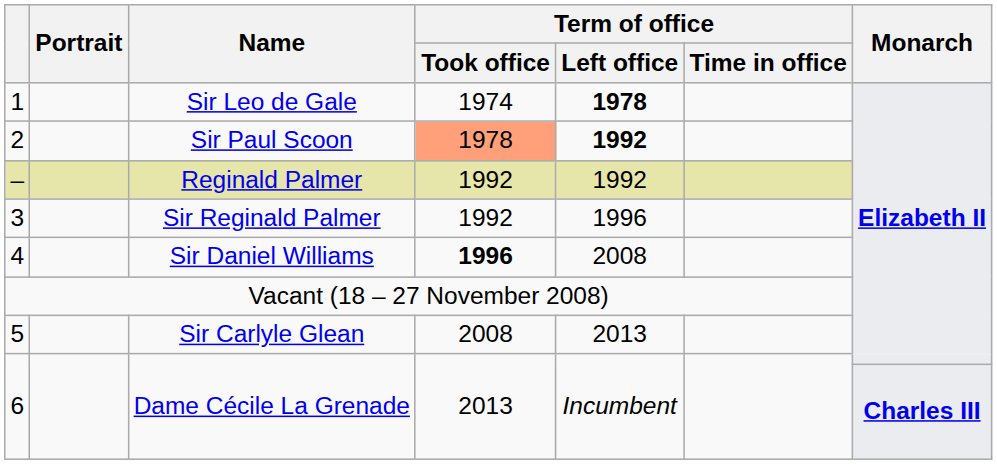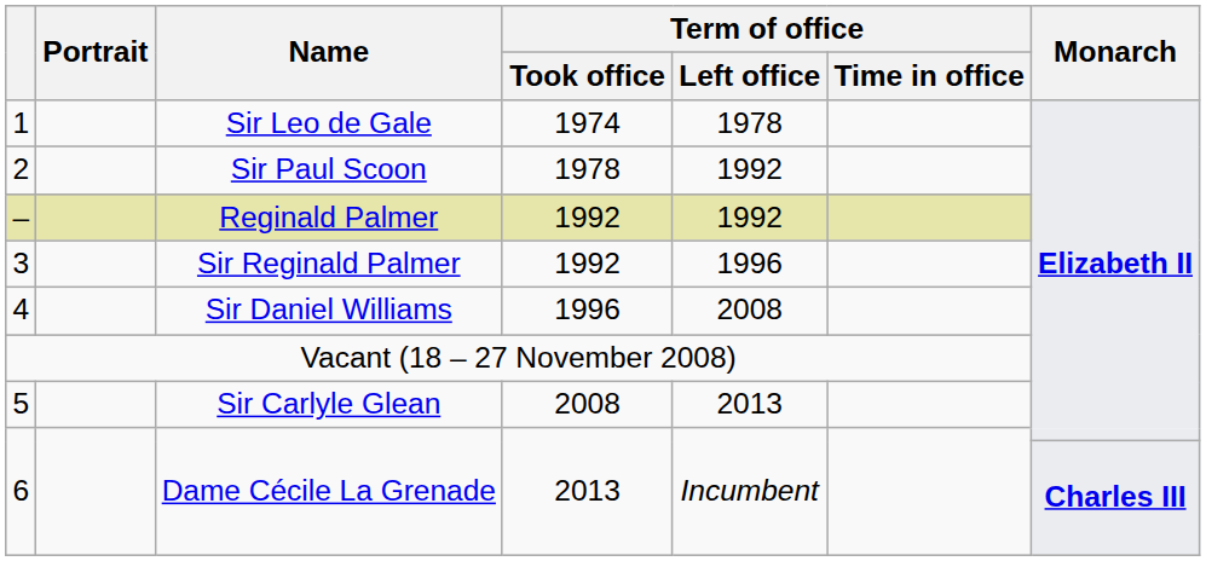 <table class="wikitable" style="text-align:center;">
 <tr>
 <th rowspan="2"></th>
 <th rowspan="2">Portrait</th>
 <th rowspan="2">Name<br></th>
 <th colspan="3">Term of office</th>
 <th rowspan="2">Monarch<br></th>
 </tr>
 <tr>
 <th>Took office</th>
 <th>Left office</th>
 <th>Time in office</th>
 </tr>
 <tr>
 <td>1</td>
 <td></td>
 <td><a href='#'>Sir Leo de Gale</a><br></td>
 <td> 1974</td>
-<td><strong> 1978</strong></td>
+<td> 1978</td>
 <td></td>
 <td rowspan="7" style="background:#eaecf0; border-style: solid solid none solid ;"><br><strong><a href='#'>Elizabeth II</a></strong><br><br></td>
 </tr>
 <tr>
 <td>2</td>
 <td></td>
 <td><a href='#'>Sir Paul Scoon</a><br></td>
-<td style="background: lightsalmon;"> 1978</td>
-<td><strong> 1992</strong></td>
+<td> 1978</td>
+<td> 1992</td>
 <td></td>
 </tr>
 <tr style="background:#e6e6aa;">
 <td>–</td>
 <td></td>
 <td><a href='#'>Reginald Palmer</a><br></td>
 <td> 1992</td>
 <td> 1992</td>
 <td></td>
 </tr>
 <tr>
 <td>3</td>
 <td></td>
 <td><a href='#'>Sir Reginald Palmer</a><br></td>
 <td> 1992</td>
 <td> 1996</td>
 <td></td>
 </tr>
 <tr>
 <td>4</td>
 <td></td>
 <td><a href='#'>Sir Daniel Williams</a><br></td>
-<td><strong> 1996</strong></td>
+<td> 1996</td>
 <td> 2008</td>
 <td></td>
 </tr>
 <tr>
 <td colspan="6">Vacant (18 – 27 November 2008)</td>
 </tr>
 <tr>
 <td>5</td>
 <td></td>
 <td><a href='#'>Sir Carlyle Glean</a><br></td>
 <td> 2008</td>
 <td> 2013</td>
 <td></td>
 </tr>
 <tr>
 <td rowspan=2>6</td>
 <td rowspan=2></td>
 <td rowspan=2><a href='#'>Dame Cécile La Grenade</a><br></td>
 <td rowspan=2> 2013</td>
 <td rowspan=2><em>Incumbent</em></td>
 <td rowspan=2></td>
 <td style="background:#eaecf0 ; border-style: none solid solid solid ;"></td>
 </tr>
 <tr>
 <td style="background:#eaecf0"><br><strong><a href='#'>Charles III</a></strong><br><br></td>
 </tr>
 </table>
